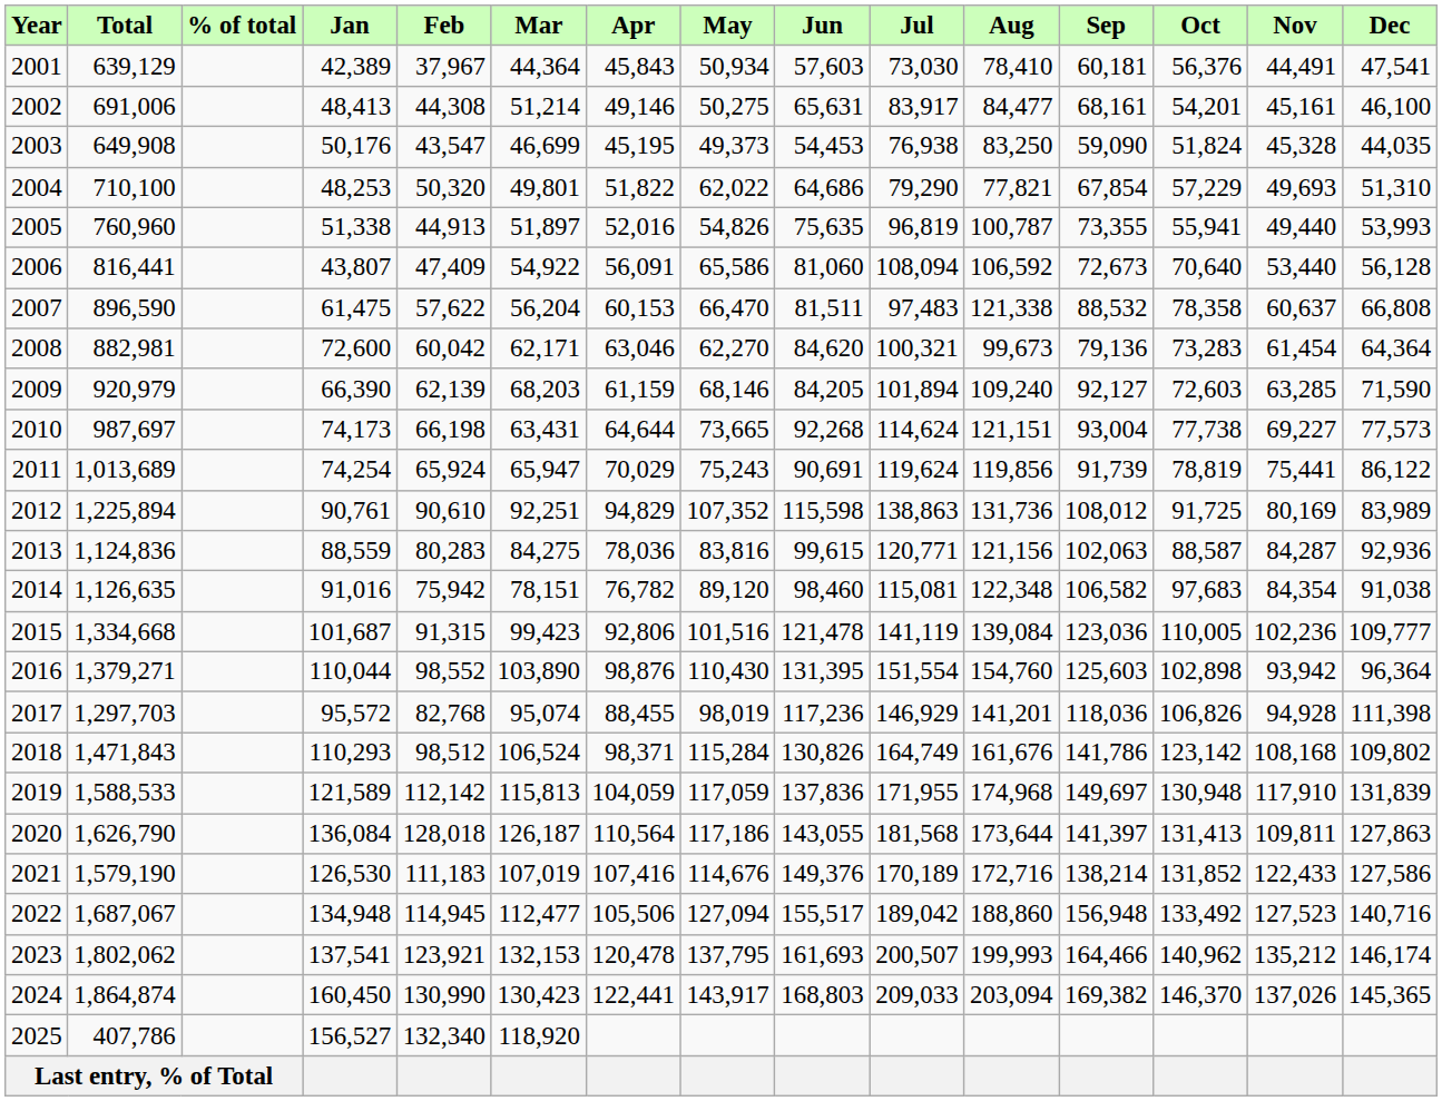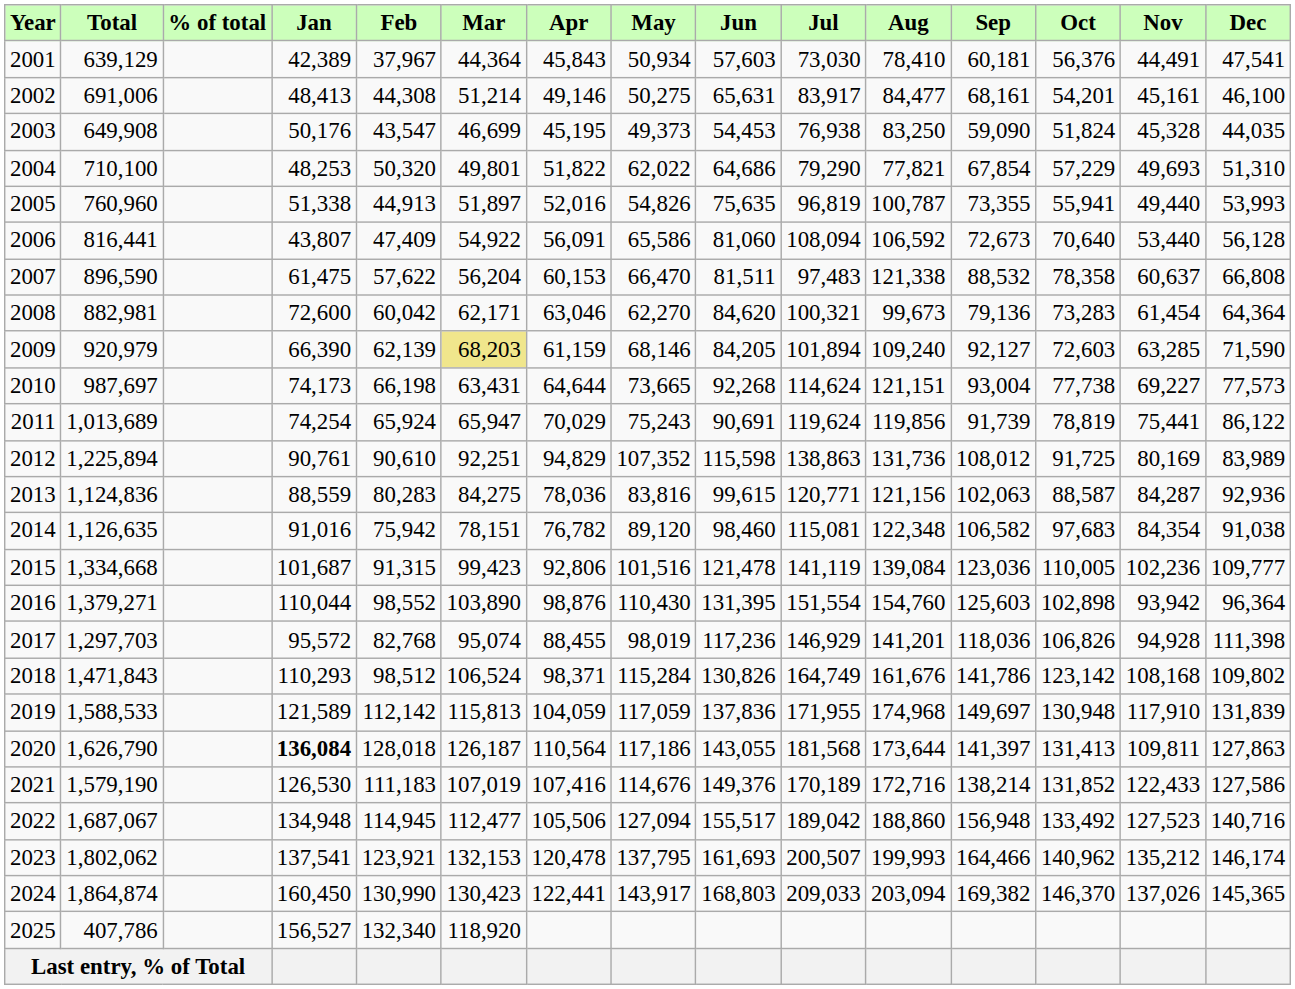 <table class="wikitable" style="text-align:right;">
 <tr>
 <th style="background:#cfb;">Year</th>
 <th style="background:#cfb;">Total</th>
 <th style="background:#cfb;">% of total</th>
 <th style="background:#cfb;">Jan</th>
 <th style="background:#cfb;">Feb</th>
 <th style="background:#cfb;">Mar</th>
 <th style="background:#cfb;">Apr</th>
 <th style="background:#cfb;">May</th>
 <th style="background:#cfb;">Jun</th>
 <th style="background:#cfb;">Jul</th>
 <th style="background:#cfb;">Aug</th>
 <th style="background:#cfb;">Sep</th>
 <th style="background:#cfb;">Oct</th>
 <th style="background:#cfb;">Nov</th>
 <th style="background:#cfb;">Dec</th>
 </tr>
 <tr>
 <td>2001</td>
 <td>639,129</td>
 <td></td>
 <td>42,389</td>
 <td>37,967</td>
 <td>44,364</td>
 <td>45,843</td>
 <td>50,934</td>
 <td>57,603</td>
 <td>73,030</td>
 <td>78,410</td>
 <td>60,181</td>
 <td>56,376</td>
 <td>44,491</td>
 <td>47,541</td>
 </tr>
 <tr>
 <td>2002</td>
 <td>691,006</td>
 <td></td>
 <td>48,413</td>
 <td>44,308</td>
 <td>51,214</td>
 <td>49,146</td>
 <td>50,275</td>
 <td>65,631</td>
 <td>83,917</td>
 <td>84,477</td>
 <td>68,161</td>
 <td>54,201</td>
 <td>45,161</td>
 <td>46,100</td>
 </tr>
 <tr>
 <td>2003</td>
 <td>649,908</td>
 <td></td>
 <td>50,176</td>
 <td>43,547</td>
 <td>46,699</td>
 <td>45,195</td>
 <td>49,373</td>
 <td>54,453</td>
 <td>76,938</td>
 <td>83,250</td>
 <td>59,090</td>
 <td>51,824</td>
 <td>45,328</td>
 <td>44,035</td>
 </tr>
 <tr>
 <td>2004</td>
 <td>710,100</td>
 <td></td>
 <td>48,253</td>
 <td>50,320</td>
 <td>49,801</td>
 <td>51,822</td>
 <td>62,022</td>
 <td>64,686</td>
 <td>79,290</td>
 <td>77,821</td>
 <td>67,854</td>
 <td>57,229</td>
 <td>49,693</td>
 <td>51,310</td>
 </tr>
 <tr>
 <td>2005</td>
 <td>760,960</td>
 <td></td>
 <td>51,338</td>
 <td>44,913</td>
 <td>51,897</td>
 <td>52,016</td>
 <td>54,826</td>
 <td>75,635</td>
 <td>96,819</td>
 <td>100,787</td>
 <td>73,355</td>
 <td>55,941</td>
 <td>49,440</td>
 <td>53,993</td>
 </tr>
 <tr>
 <td>2006</td>
 <td>816,441</td>
 <td></td>
 <td>43,807</td>
 <td>47,409</td>
 <td>54,922</td>
 <td>56,091</td>
 <td>65,586</td>
 <td>81,060</td>
 <td>108,094</td>
 <td>106,592</td>
 <td>72,673</td>
 <td>70,640</td>
 <td>53,440</td>
 <td>56,128</td>
 </tr>
 <tr>
 <td>2007</td>
 <td>896,590</td>
 <td></td>
 <td>61,475</td>
 <td>57,622</td>
 <td>56,204</td>
 <td>60,153</td>
 <td>66,470</td>
 <td>81,511</td>
 <td>97,483</td>
 <td>121,338</td>
 <td>88,532</td>
 <td>78,358</td>
 <td>60,637</td>
 <td>66,808</td>
 </tr>
 <tr>
 <td>2008</td>
 <td>882,981</td>
 <td></td>
 <td>72,600</td>
 <td>60,042</td>
 <td>62,171</td>
 <td>63,046</td>
 <td>62,270</td>
 <td>84,620</td>
 <td>100,321</td>
 <td>99,673</td>
 <td>79,136</td>
 <td>73,283</td>
 <td>61,454</td>
 <td>64,364</td>
 </tr>
 <tr>
 <td>2009</td>
 <td>920,979</td>
 <td></td>
 <td>66,390</td>
 <td>62,139</td>
-<td>68,203</td>
+<td style="background: khaki;">68,203</td>
 <td>61,159</td>
 <td>68,146</td>
 <td>84,205</td>
 <td>101,894</td>
 <td>109,240</td>
 <td>92,127</td>
 <td>72,603</td>
 <td>63,285</td>
 <td>71,590</td>
 </tr>
 <tr>
 <td>2010</td>
 <td>987,697</td>
 <td></td>
 <td>74,173</td>
 <td>66,198</td>
 <td>63,431</td>
 <td>64,644</td>
 <td>73,665</td>
 <td>92,268</td>
 <td>114,624</td>
 <td>121,151</td>
 <td>93,004</td>
 <td>77,738</td>
 <td>69,227</td>
 <td>77,573</td>
 </tr>
 <tr>
 <td>2011</td>
 <td>1,013,689</td>
 <td></td>
 <td>74,254</td>
 <td>65,924</td>
 <td>65,947</td>
 <td>70,029</td>
 <td>75,243</td>
 <td>90,691</td>
 <td>119,624</td>
 <td>119,856</td>
 <td>91,739</td>
 <td>78,819</td>
 <td>75,441</td>
 <td>86,122</td>
 </tr>
 <tr>
 <td>2012</td>
 <td>1,225,894</td>
 <td></td>
 <td>90,761</td>
 <td>90,610</td>
 <td>92,251</td>
 <td>94,829</td>
 <td>107,352</td>
 <td>115,598</td>
 <td>138,863</td>
 <td>131,736</td>
 <td>108,012</td>
 <td>91,725</td>
 <td>80,169</td>
 <td>83,989</td>
 </tr>
 <tr>
 <td>2013</td>
 <td>1,124,836</td>
 <td></td>
 <td>88,559</td>
 <td>80,283</td>
 <td>84,275</td>
 <td>78,036</td>
 <td>83,816</td>
 <td>99,615</td>
 <td>120,771</td>
 <td>121,156</td>
 <td>102,063</td>
 <td>88,587</td>
 <td>84,287</td>
 <td>92,936</td>
 </tr>
 <tr>
 <td>2014</td>
 <td>1,126,635</td>
 <td></td>
 <td>91,016</td>
 <td>75,942</td>
 <td>78,151</td>
 <td>76,782</td>
 <td>89,120</td>
 <td>98,460</td>
 <td>115,081</td>
 <td>122,348</td>
 <td>106,582</td>
 <td>97,683</td>
 <td>84,354</td>
 <td>91,038</td>
 </tr>
 <tr>
 <td>2015</td>
 <td>1,334,668</td>
 <td></td>
 <td>101,687</td>
 <td>91,315</td>
 <td>99,423</td>
 <td>92,806</td>
 <td>101,516</td>
 <td>121,478</td>
 <td>141,119</td>
 <td>139,084</td>
 <td>123,036</td>
 <td>110,005</td>
 <td>102,236</td>
 <td>109,777</td>
 </tr>
 <tr>
 <td>2016</td>
 <td>1,379,271</td>
 <td></td>
 <td>110,044</td>
 <td>98,552</td>
 <td>103,890</td>
 <td>98,876</td>
 <td>110,430</td>
 <td>131,395</td>
 <td>151,554</td>
 <td>154,760</td>
 <td>125,603</td>
 <td>102,898</td>
 <td>93,942</td>
 <td>96,364</td>
 </tr>
 <tr>
 <td>2017</td>
 <td>1,297,703</td>
 <td></td>
 <td>95,572</td>
 <td>82,768</td>
 <td>95,074</td>
 <td>88,455</td>
 <td>98,019</td>
 <td>117,236</td>
 <td>146,929</td>
 <td>141,201</td>
 <td>118,036</td>
 <td>106,826</td>
 <td>94,928</td>
 <td>111,398</td>
 </tr>
 <tr>
 <td>2018</td>
 <td>1,471,843</td>
 <td></td>
 <td>110,293</td>
 <td>98,512</td>
 <td>106,524</td>
 <td>98,371</td>
 <td>115,284</td>
 <td>130,826</td>
 <td>164,749</td>
 <td>161,676</td>
 <td>141,786</td>
 <td>123,142</td>
 <td>108,168</td>
 <td>109,802</td>
 </tr>
 <tr>
 <td>2019</td>
 <td>1,588,533</td>
 <td></td>
 <td>121,589</td>
 <td>112,142</td>
 <td>115,813</td>
 <td>104,059</td>
 <td>117,059</td>
 <td>137,836</td>
 <td>171,955</td>
 <td>174,968</td>
 <td>149,697</td>
 <td>130,948</td>
 <td>117,910</td>
 <td>131,839</td>
 </tr>
 <tr>
 <td>2020</td>
 <td>1,626,790</td>
 <td></td>
-<td>136,084</td>
+<td><strong>136,084</strong></td>
 <td>128,018</td>
 <td>126,187</td>
 <td>110,564</td>
 <td>117,186</td>
 <td>143,055</td>
 <td>181,568</td>
 <td>173,644</td>
 <td>141,397</td>
 <td>131,413</td>
 <td>109,811</td>
 <td>127,863</td>
 </tr>
 <tr>
 <td>2021</td>
 <td>1,579,190</td>
 <td></td>
 <td>126,530</td>
 <td>111,183</td>
 <td>107,019</td>
 <td>107,416</td>
 <td>114,676</td>
 <td>149,376</td>
 <td>170,189</td>
 <td>172,716</td>
 <td>138,214</td>
 <td>131,852</td>
 <td>122,433</td>
 <td>127,586</td>
 </tr>
 <tr>
 <td>2022</td>
 <td>1,687,067</td>
 <td></td>
 <td>134,948</td>
 <td>114,945</td>
 <td>112,477</td>
 <td>105,506</td>
 <td>127,094</td>
 <td>155,517</td>
 <td>189,042</td>
 <td>188,860</td>
 <td>156,948</td>
 <td>133,492</td>
 <td>127,523</td>
 <td>140,716</td>
 </tr>
 <tr>
 <td>2023</td>
 <td>1,802,062</td>
 <td></td>
 <td>137,541</td>
 <td>123,921</td>
 <td>132,153</td>
 <td>120,478</td>
 <td>137,795</td>
 <td>161,693</td>
 <td>200,507</td>
 <td>199,993</td>
 <td>164,466</td>
 <td>140,962</td>
 <td>135,212</td>
 <td>146,174</td>
 </tr>
 <tr>
 <td>2024</td>
 <td>1,864,874</td>
 <td></td>
 <td>160,450</td>
 <td>130,990</td>
 <td>130,423</td>
 <td>122,441</td>
 <td>143,917</td>
 <td>168,803</td>
 <td>209,033</td>
 <td>203,094</td>
 <td>169,382</td>
 <td>146,370</td>
 <td>137,026</td>
 <td>145,365</td>
 </tr>
 <tr>
 <td>2025</td>
 <td>407,786</td>
 <td></td>
 <td>156,527</td>
 <td>132,340</td>
 <td>118,920</td>
 <td></td>
 <td></td>
 <td></td>
 <td></td>
 <td></td>
 <td></td>
 <td></td>
 <td></td>
 <td></td>
 </tr>
 <tr>
 <th colspan=3>Last entry, % of Total</th>
 <th></th>
 <th></th>
 <th></th>
 <th></th>
 <th></th>
 <th></th>
 <th></th>
 <th></th>
 <th></th>
 <th></th>
 <th></th>
 <th></th>
 </tr>
 </table>
